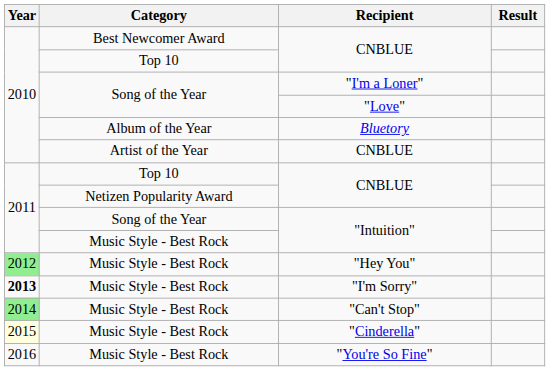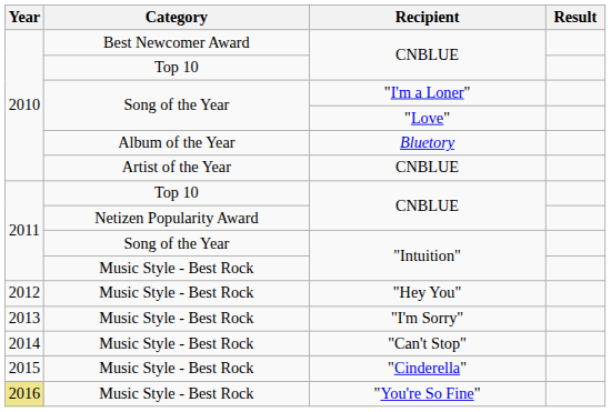 <table class="wikitable" style="text-align:center">
 <tr>
 <th width="5%">Year</th>
 <th width="45%">Category</th>
 <th width="40%">Recipient</th>
 <th width="10%">Result</th>
 </tr>
 <tr>
 <td rowspan="6">2010</td>
 <td>Best Newcomer Award</td>
 <td rowspan="2">CNBLUE</td>
 <td></td>
 </tr>
 <tr>
 <td>Top 10</td>
 <td></td>
 </tr>
 <tr>
 <td rowspan="2">Song of the Year</td>
 <td>"<a href='#'>I'm a Loner</a>"</td>
 <td></td>
 </tr>
 <tr>
 <td>"<a href='#'>Love</a>"</td>
 <td></td>
 </tr>
 <tr>
 <td>Album of the Year</td>
 <td><em><a href='#'>Bluetory</a></em></td>
 <td></td>
 </tr>
 <tr>
 <td>Artist of the Year</td>
 <td>CNBLUE</td>
 <td></td>
 </tr>
 <tr>
 <td rowspan="4">2011</td>
 <td>Top 10</td>
 <td rowspan="2">CNBLUE</td>
 <td></td>
 </tr>
 <tr>
 <td>Netizen Popularity Award</td>
 <td></td>
 </tr>
 <tr>
 <td>Song of the Year</td>
 <td rowspan="2">"Intuition"</td>
 <td></td>
 </tr>
 <tr>
 <td>Music Style - Best Rock</td>
 <td></td>
 </tr>
 <tr>
-<td style="background: lightgreen;">2012</td>
+<td>2012</td>
 <td>Music Style - Best Rock</td>
 <td>"Hey You"</td>
 <td></td>
 </tr>
 <tr>
-<td rowspan="1"><strong>2013</strong></td>
+<td rowspan="1">2013</td>
 <td>Music Style - Best Rock</td>
 <td>"I'm Sorry"</td>
 <td></td>
 </tr>
 <tr>
-<td style="background: lightgreen;">2014</td>
+<td>2014</td>
 <td>Music Style - Best Rock</td>
 <td>"Can't Stop"</td>
 <td></td>
 </tr>
 <tr>
-<td style="background: lightyellow;">2015</td>
+<td>2015</td>
 <td>Music Style - Best Rock</td>
 <td>"<a href='#'>Cinderella</a>"</td>
 <td></td>
 </tr>
 <tr>
-<td>2016</td>
+<td style="background: khaki;">2016</td>
 <td>Music Style - Best Rock</td>
 <td>"<a href='#'>You're So Fine</a>"</td>
 <td></td>
 </tr>
 </table>
